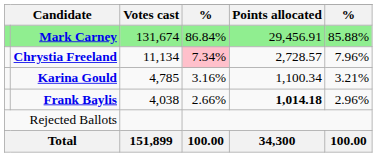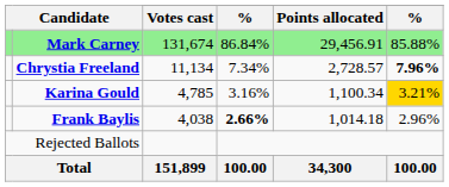 <table class="wikitable">
 <tr>
 <th rowspan="2" colspan="2">Candidate</th>
 </tr>
 <tr>
 <th>Votes cast</th>
 <th>%</th>
 <th>Points allocated</th>
 <th>%</th>
 </tr>
 <tr style="text-align:right;background:lightgreen;">
 <td></td>
 <td><strong><a href='#'>Mark Carney</a></strong></td>
 <td>131,674</td>
 <td>86.84%</td>
 <td>29,456.91</td>
 <td>85.88%</td>
 </tr>
 <tr style="text-align:right;">
 <td></td>
 <td><strong><a href='#'>Chrystia Freeland</a></strong></td>
 <td>11,134</td>
-<td style="background: pink;">7.34%</td>
+<td>7.34%</td>
 <td>2,728.57</td>
-<td>7.96%</td>
+<td><strong>7.96%</strong></td>
 </tr>
 <tr style="text-align:right;">
 <td></td>
 <td><strong><a href='#'>Karina Gould</a></strong></td>
 <td>4,785</td>
 <td>3.16%</td>
 <td>1,100.34</td>
-<td>3.21%</td>
+<td style="background: gold;">3.21%</td>
 </tr>
 <tr style="text-align:right;">
 <td></td>
 <td><strong><a href='#'>Frank Baylis</a></strong></td>
 <td>4,038</td>
-<td>2.66%</td>
-<td><strong>1,014.18</strong></td>
+<td><strong>2.66%</strong></td>
+<td>1,014.18</td>
 <td>2.96%</td>
 </tr>
 <tr style="text-align:right;">
 <td colspan="2">Rejected Ballots</td>
 <td></td>
 <td colspan="3"></td>
 </tr>
 <tr style="text-align:right;">
 <th colspan="2">Total</th>
 <th>151,899</th>
 <th>100.00</th>
 <th>34,300</th>
 <th>100.00</th>
 </tr>
 </table>
